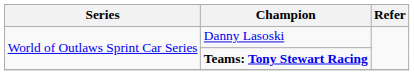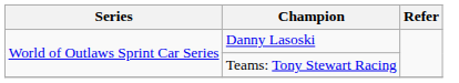 <table class="wikitable" style="font-size:87%;">
 <tr>
 <th>Series</th>
 <th>Champion</th>
 <th>Refer</th>
 </tr>
 <tr>
 <td rowspan=2><a href='#'>World of Outlaws Sprint Car Series</a></td>
 <td> <a href='#'>Danny Lasoski</a></td>
 <td rowspan=2></td>
 </tr>
 <tr>
-<td><strong>Teams:  <a href='#'>Tony Stewart Racing</a></strong></td>
+<td>Teams:  <a href='#'>Tony Stewart Racing</a></td>
 </tr>
 <tr>
 </tr>
 </table>
